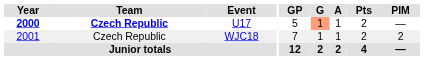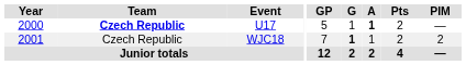 <table border="0" cellpadding="1" cellspacing="0" ID="Table3" style="text-align:center; width:40em">
 <tr bgcolor="#e0e0e0">
 <th>Year</th>
 <th>Team</th>
 <th>Event</th>
 <th rowspan="102" bgcolor="#ffffff"></th>
 <th>GP</th>
 <th>G</th>
 <th>A</th>
 <th>Pts</th>
 <th>PIM</th>
 </tr>
 <tr>
-<td><strong><a href='#'>2000</a></strong></td>
+<td><a href='#'>2000</a></td>
 <td><strong><a href='#'>Czech Republic</a></strong></td>
 <td><a href='#'>U17</a></td>
 <td>5</td>
-<td style="background: lightsalmon;">1</td>
 <td>1</td>
+<td><strong>1</strong></td>
 <td>2</td>
 <td>—</td>
 </tr>
 <tr bgcolor="#f0f0f0">
 <td><a href='#'>2001</a></td>
 <td>Czech Republic</td>
 <td><a href='#'>WJC18</a></td>
 <td>7</td>
-<td>1</td>
+<td><strong>1</strong></td>
 <td>1</td>
 <td>2</td>
 <td>2</td>
 </tr>
 <tr bgcolor="#e0e0e0">
 <th colspan="3">Junior totals</th>
 <th>12</th>
 <th>2</th>
 <th>2</th>
 <th>4</th>
 <th>—</th>
 </tr>
 </table>
